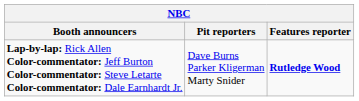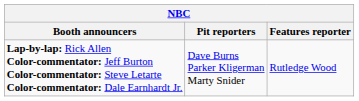 <table class="wikitable" style="font-size: 95%">
 <tr>
 <th colspan="3"><a href='#'>NBC</a></th>
 </tr>
 <tr>
 <th>Booth announcers</th>
 <th>Pit reporters</th>
 <th>Features reporter</th>
 </tr>
 <tr>
 <td><strong>Lap-by-lap:</strong> <a href='#'>Rick Allen</a><br><strong>Color-commentator:</strong> <a href='#'>Jeff Burton</a><br><strong>Color-commentator:</strong> <a href='#'>Steve Letarte</a><br><strong>Color-commentator:</strong> <a href='#'>Dale Earnhardt Jr.</a></td>
 <td><a href='#'>Dave Burns</a><br><a href='#'>Parker Kligerman</a><br>Marty Snider</td>
-<td><strong><a href='#'>Rutledge Wood</a></strong></td>
+<td><a href='#'>Rutledge Wood</a></td>
 </tr>
 </table>
